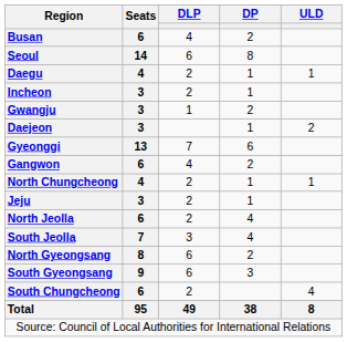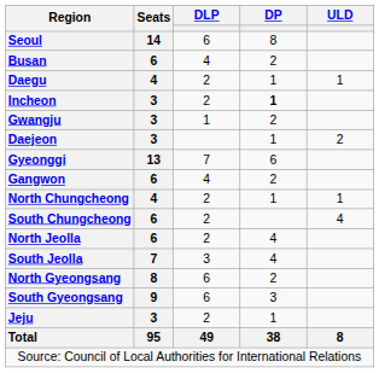 <table class="wikitable" style="text-align:center; font-size: 0.9em;">
 <tr>
 <th rowspan="2">Region</th>
 <th rowspan="2">Seats</th>
 <th class="unsortable" style="width:70px;"><a href='#'>DLP</a></th>
 <th class="unsortable" style="width:70px;"><a href='#'>DP</a></th>
 <th class="unsortable" style="width:70px;"><a href='#'>ULD</a></th>
 </tr>
 <tr>
 <th style="background:"></th>
 <th style="background:"></th>
 <th style="background:"></th>
 </tr>
 <tr>
+<th style="text-align: left;"><a href='#'>Seoul</a></th>
+<th>14</th>
+<td>6</td>
+<td>8</td>
+<td></td>
+</tr>
+<tr>
 <th style="text-align: left;"><a href='#'>Busan</a></th>
 <th>6</th>
 <td>4</td>
 <td>2</td>
-<td></td>
-</tr>
-<tr>
-<th style="text-align: left;"><a href='#'>Seoul</a></th>
-<th>14</th>
-<td>6</td>
-<td>8</td>
 <td></td>
 </tr>
 <tr>
 <th style="text-align: left;"><a href='#'>Daegu</a></th>
 <th>4</th>
 <td>2</td>
 <td>1</td>
 <td>1</td>
 </tr>
 <tr>
 <th style="text-align: left;"><a href='#'>Incheon</a></th>
 <th>3</th>
 <td>2</td>
-<td>1</td>
+<td><strong>1</strong></td>
 <td></td>
 </tr>
 <tr>
 <th style="text-align: left;"><a href='#'>Gwangju</a></th>
 <th>3</th>
 <td>1</td>
 <td>2</td>
 <td></td>
 </tr>
 <tr>
 <th style="text-align: left;"><a href='#'>Daejeon</a></th>
 <th>3</th>
 <td></td>
 <td>1</td>
 <td>2</td>
 </tr>
 <tr>
 <th style="text-align: left;"><a href='#'>Gyeonggi</a></th>
 <th>13</th>
 <td>7</td>
 <td>6</td>
 <td></td>
 </tr>
 <tr>
 <th style="text-align: left;"><a href='#'>Gangwon</a></th>
 <th>6</th>
 <td>4</td>
 <td>2</td>
 <td></td>
 </tr>
 <tr>
 <th style="text-align: left;"><a href='#'>North Chungcheong</a></th>
 <th>4</th>
 <td>2</td>
 <td>1</td>
 <td>1</td>
 </tr>
 <tr>
-<th style="text-align: left;"><a href='#'>Jeju</a></th>
-<th>3</th>
+<th style="text-align: left;"><a href='#'>South Chungcheong</a></th>
+<th>6</th>
 <td>2</td>
-<td>1</td>
 <td></td>
+<td>4</td>
 </tr>
 <tr>
 <th style="text-align: left;"><a href='#'>North Jeolla</a></th>
 <th>6</th>
 <td>2</td>
 <td>4</td>
 <td></td>
 </tr>
 <tr>
 <th style="text-align: left;"><a href='#'>South Jeolla</a></th>
 <th>7</th>
 <td>3</td>
 <td>4</td>
 <td></td>
 </tr>
 <tr>
 <th style="text-align: left;"><a href='#'>North Gyeongsang</a></th>
 <th>8</th>
 <td>6</td>
 <td>2</td>
 <td></td>
 </tr>
 <tr>
 <th style="text-align: left;"><a href='#'>South Gyeongsang</a></th>
 <th>9</th>
 <td>6</td>
 <td>3</td>
 <td></td>
 </tr>
 <tr>
-<th style="text-align: left;"><a href='#'>South Chungcheong</a></th>
-<th>6</th>
+<th style="text-align: left;"><a href='#'>Jeju</a></th>
+<th>3</th>
 <td>2</td>
+<td>1</td>
 <td></td>
-<td>4</td>
 </tr>
 <tr class="sortbottom">
 <th style="text-align: left;">Total</th>
 <th>95</th>
 <th>49</th>
 <th>38</th>
 <th>8</th>
 </tr>
 <tr>
 <td colspan="5">Source: Council of Local Authorities for International Relations</td>
 </tr>
 </table>
